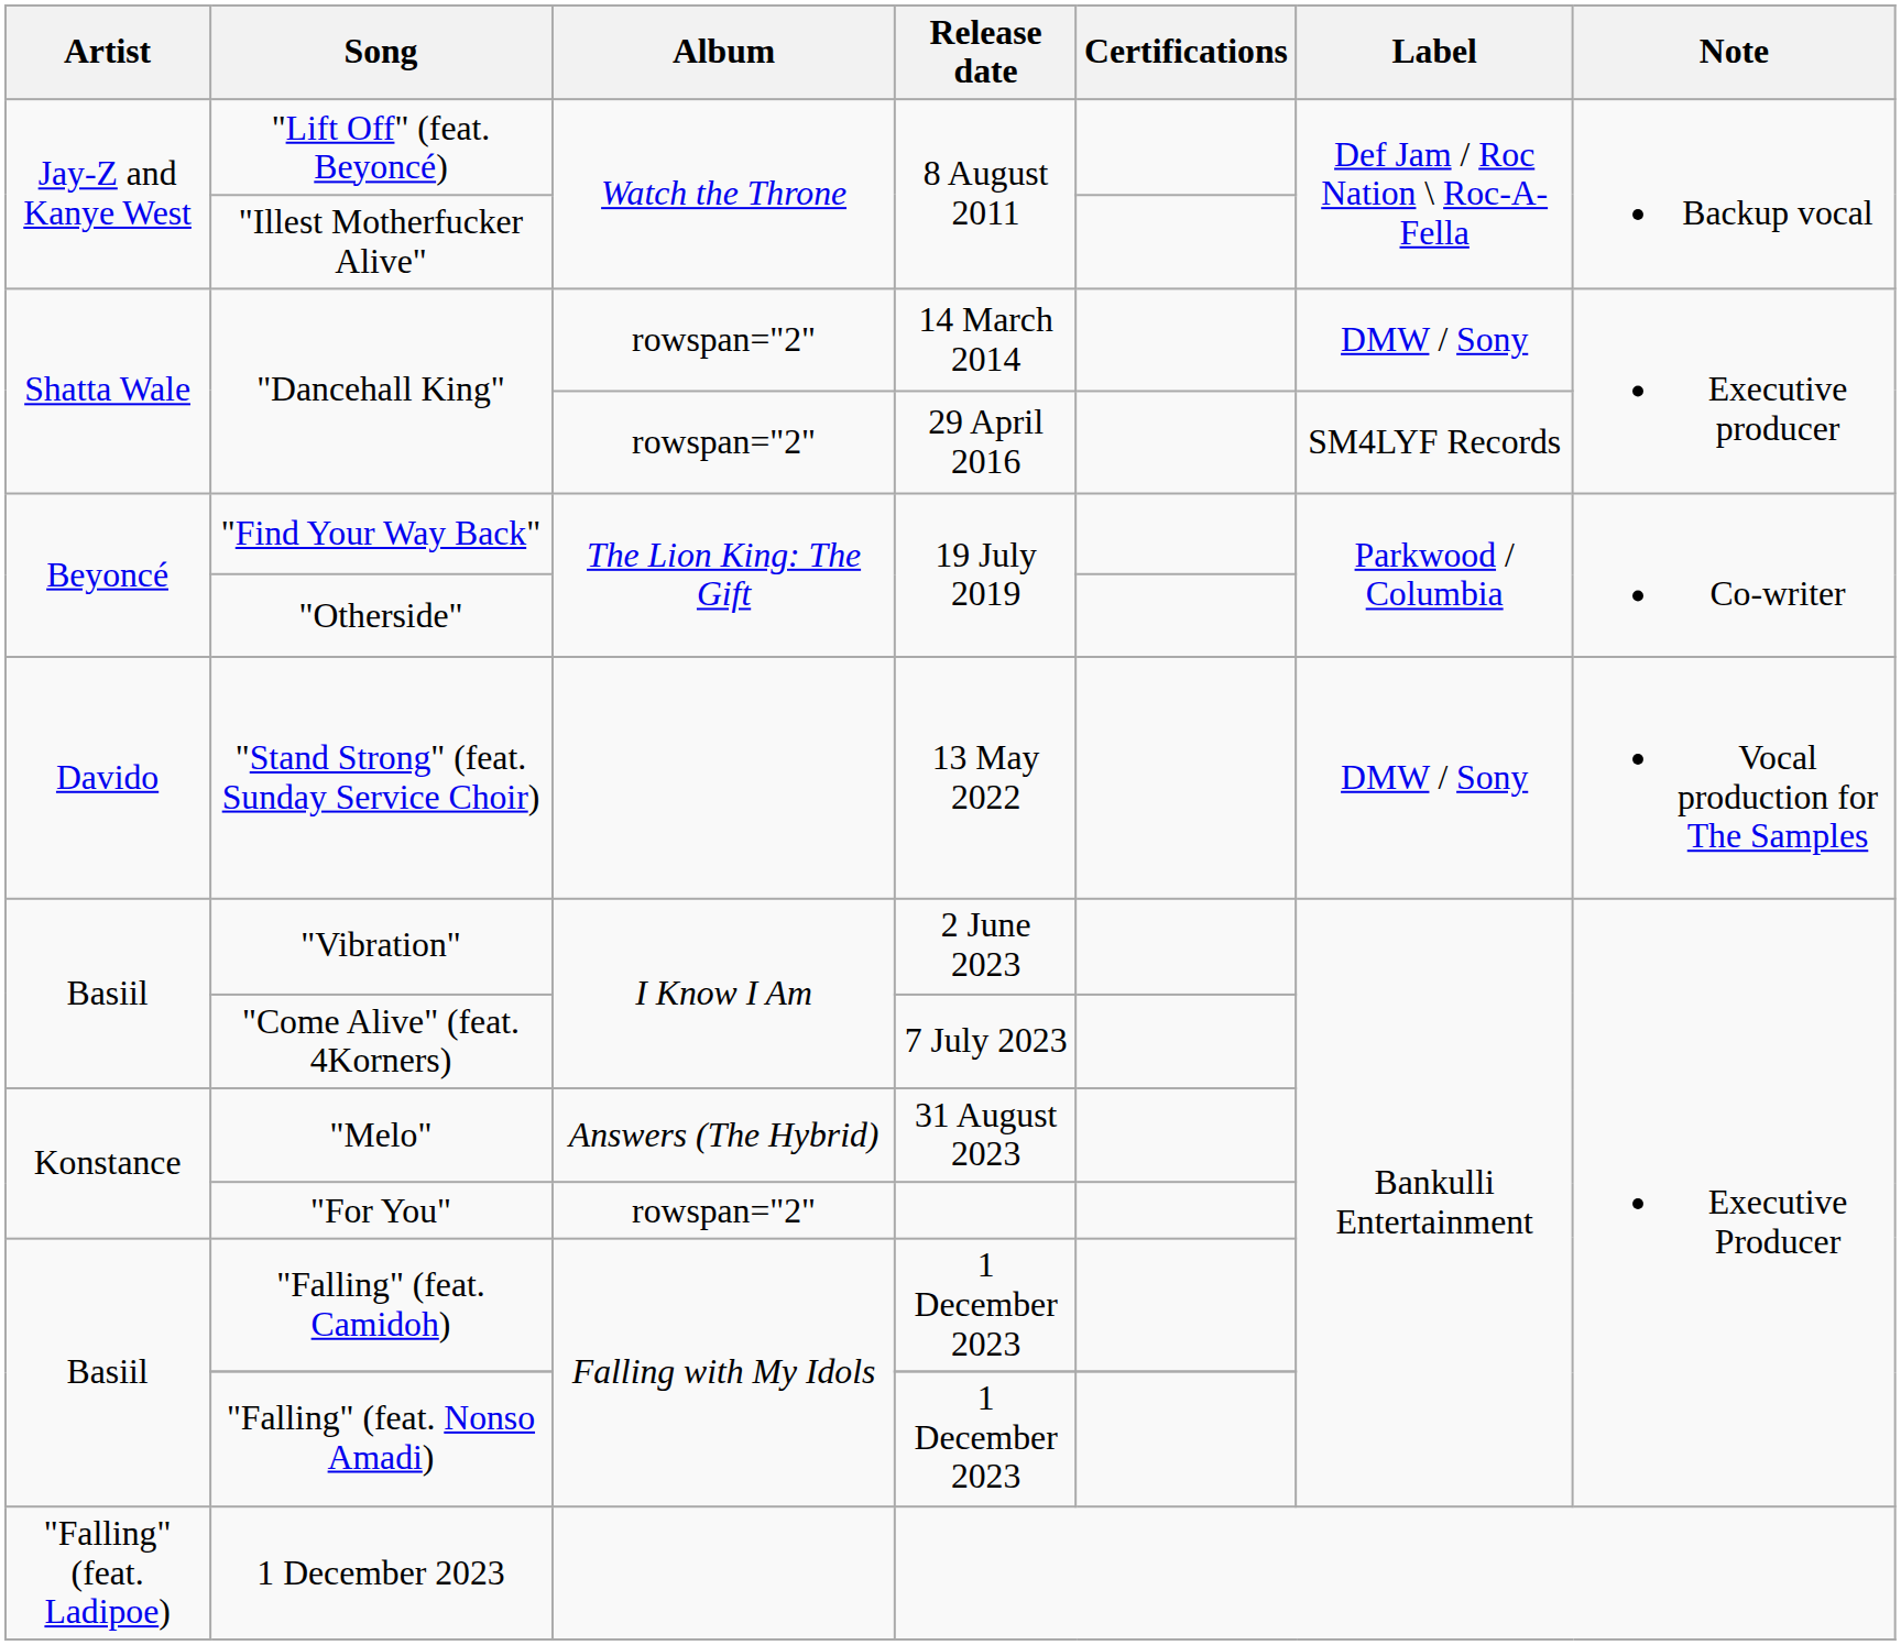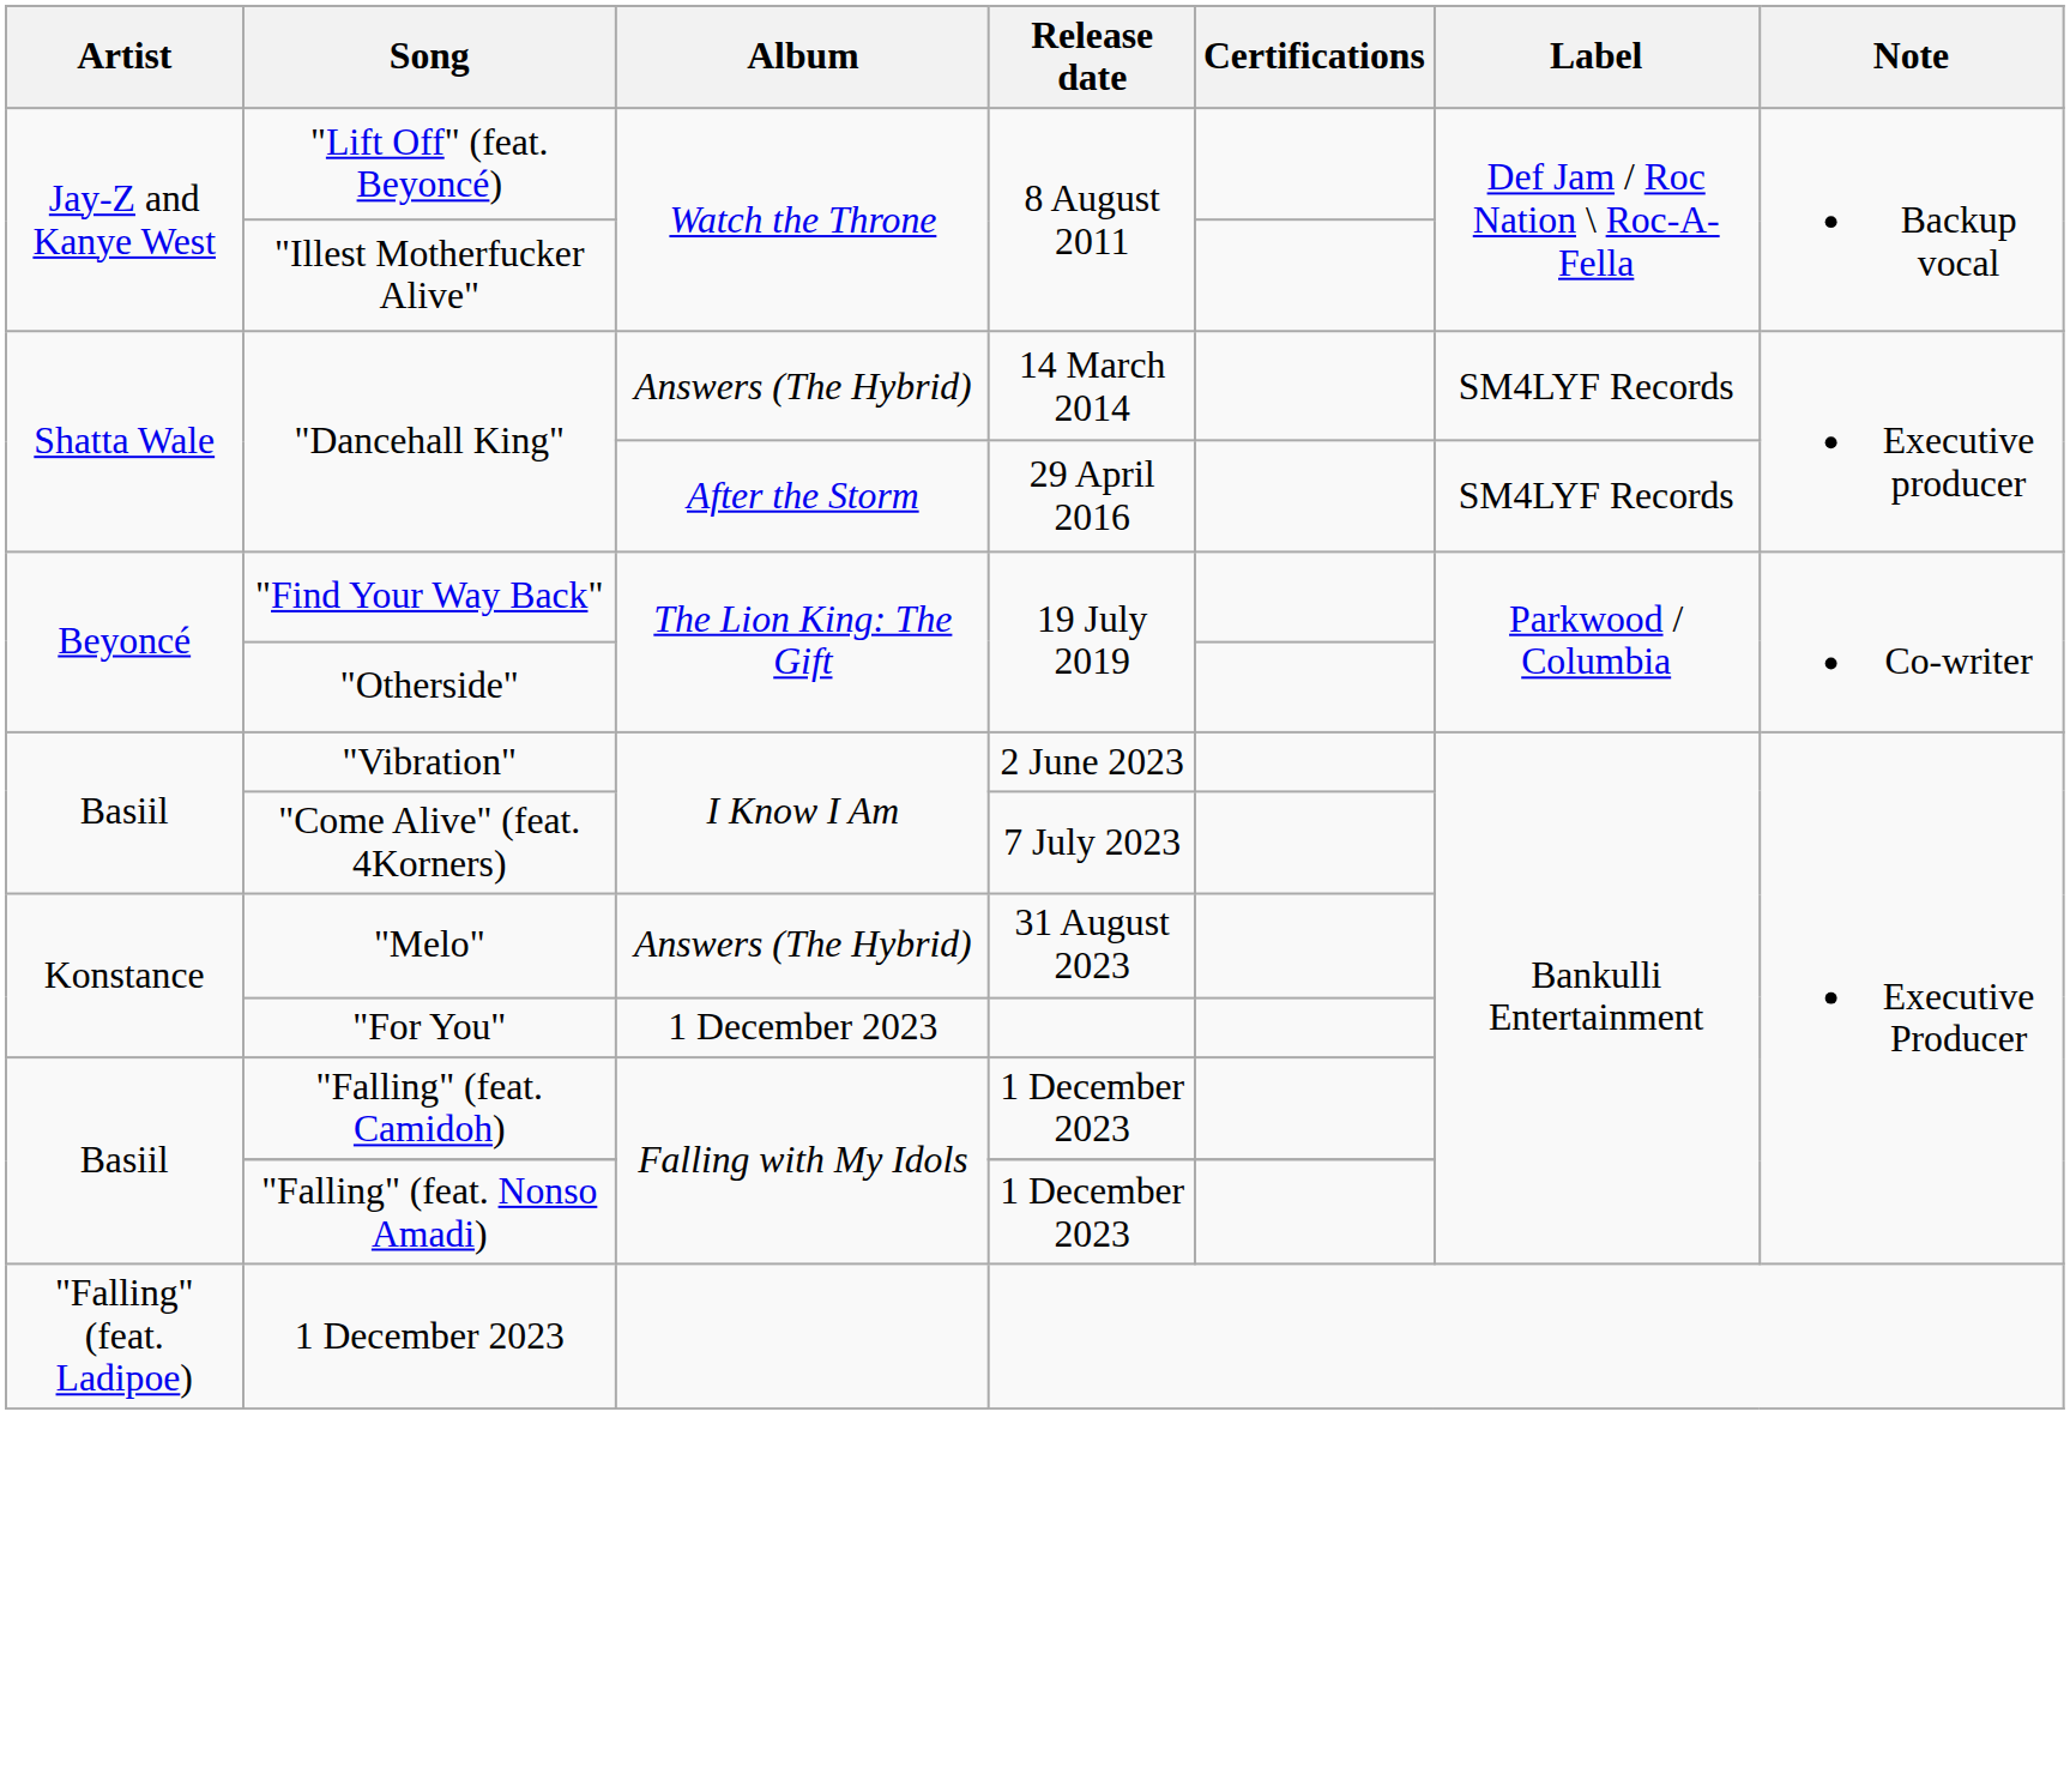 <table class="wikitable plainrowheaders" style="text-align:center;" border="1">
 <tr>
 <th>Artist</th>
 <th width="150">Song</th>
 <th width="150">Album</th>
 <th>Release date</th>
 <th>Certifications</th>
 <th>Label</th>
 <th>Note</th>
 </tr>
 <tr>
 <td rowspan="2"><a href='#'>Jay-Z</a> and <a href='#'>Kanye West</a></td>
 <td>"<a href='#'>Lift Off</a>" (feat. <a href='#'>Beyoncé</a>)</td>
 <td rowspan="2"><em><a href='#'>Watch the Throne</a></em></td>
 <td rowspan="2">8 August 2011</td>
 <td></td>
 <td rowspan="2"><a href='#'>Def Jam</a> / <a href='#'>Roc Nation</a> \ <a href='#'>Roc-A-Fella</a></td>
 <td rowspan="2"><br><ul><li>Backup vocal</li></ul></td>
 </tr>
 <tr>
 <td>"Illest Motherfucker Alive"</td>
 <td></td>
 </tr>
 <tr>
 <td rowspan="2"><a href='#'>Shatta Wale</a></td>
 <td rowspan="2">"Dancehall King"</td>
-<td>rowspan="2" </td>
+<td><em>Answers (The Hybrid)</em></td>
 <td>14 March 2014</td>
 <td></td>
-<td><a href='#'>DMW</a> / <a href='#'>Sony</a></td>
+<td>SM4LYF Records</td>
 <td rowspan="2"><br><ul><li>Executive producer</li></ul></td>
 </tr>
 <tr>
-<td>rowspan="2" </td>
+<td><em><a href='#'>After the Storm</a></em></td>
 <td>29 April 2016</td>
 <td></td>
 <td>SM4LYF Records</td>
 </tr>
 <tr>
 <td rowspan="2"><a href='#'>Beyoncé</a></td>
 <td>"<a href='#'>Find Your Way Back</a>"</td>
 <td rowspan="2"><em><a href='#'>The Lion King: The Gift</a></em></td>
 <td rowspan="2">19 July 2019</td>
 <td></td>
 <td rowspan="2"><a href='#'>Parkwood</a> / <a href='#'>Columbia</a></td>
 <td rowspan="2"><br><ul><li>Co-writer</li></ul></td>
 </tr>
 <tr>
 <td>"Otherside"</td>
 <td></td>
-</tr>
-<tr>
-<td><a href='#'>Davido</a></td>
-<td>"<a href='#'>Stand Strong</a>" (feat. <a href='#'>Sunday Service Choir</a>)</td>
-<td></td>
-<td>13 May 2022</td>
-<td></td>
-<td><a href='#'>DMW</a> / <a href='#'>Sony</a></td>
-<td><br><ul><li>Vocal production for <a href='#'>The Samples</a></li></ul></td>
 </tr>
 <tr>
 <td rowspan="2">Basiil</td>
 <td>"Vibration"</td>
 <td rowspan="2"><em>I Know I Am</em></td>
 <td>2 June 2023</td>
 <td></td>
 <td rowspan="7">Bankulli Entertainment</td>
 <td rowspan="7"><br><ul><li>Executive Producer</li></ul></td>
 </tr>
 <tr>
 <td>"Come Alive" (feat. 4Korners)</td>
 <td>7 July 2023</td>
 <td></td>
 </tr>
 <tr>
 <td rowspan="2">Konstance</td>
 <td>"Melo"</td>
 <td><em>Answers (The Hybrid)</em></td>
 <td>31 August 2023</td>
 <td></td>
 </tr>
 <tr>
 <td>"For You"</td>
-<td>rowspan="2" </td>
+<td>1 December 2023</td>
 <td></td>
 </tr>
 <tr>
 <td rowspan="3">Basiil</td>
 <td>"Falling" (feat. <a href='#'>Camidoh</a>)</td>
 <td rowspan="3"><em>Falling with My Idols</em></td>
 <td>1 December 2023</td>
 <td></td>
 </tr>
 <tr>
 </tr>
 <tr>
 <td>"Falling" (feat. <a href='#'>Nonso Amadi</a>)</td>
 <td>1 December 2023</td>
 <td></td>
 </tr>
 <tr>
 <td>"Falling" (feat. <a href='#'>Ladipoe</a>)</td>
 <td>1 December 2023</td>
 <td></td>
 </tr>
 </table>
